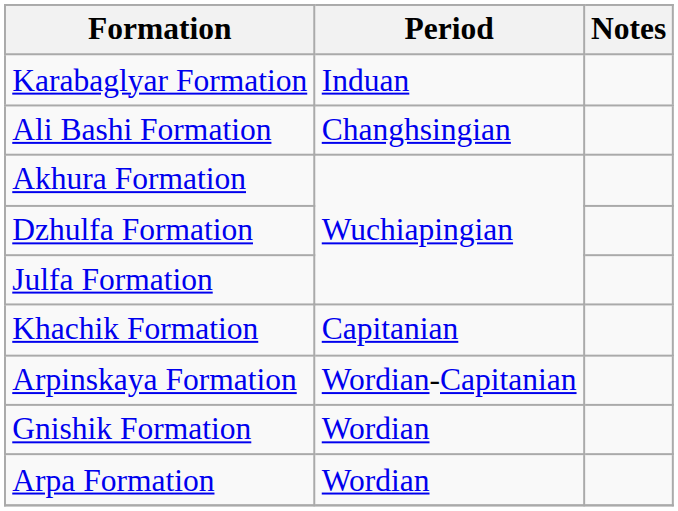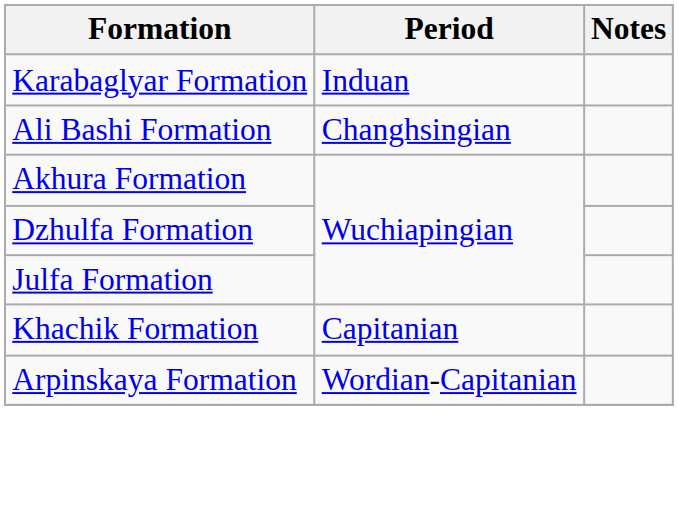 <table class="wikitable sortable">
 <tr>
 <th>Formation</th>
 <th>Period</th>
 <th class="unsortable">Notes</th>
 </tr>
 <tr>
 <td rowspan=2><a href='#'>Karabaglyar Formation</a></td>
 <td style="background-color: "><a href='#'>Induan</a></td>
 <td align=center rowspan=2></td>
 </tr>
 <tr>
 <td rowspan=3 style="background-color: "><a href='#'>Changhsingian</a></td>
 </tr>
 <tr>
 <td><a href='#'>Ali Bashi Formation</a></td>
 <td align=center></td>
 </tr>
 <tr>
 <td rowspan=2><a href='#'>Akhura Formation</a></td>
 <td align=center rowspan=2></td>
 </tr>
 <tr>
 <td rowspan=4 style="background-color: "><a href='#'>Wuchiapingian</a></td>
 </tr>
 <tr>
 <td><a href='#'>Dzhulfa Formation</a></td>
 <td align=center></td>
 </tr>
 <tr>
 <td><a href='#'>Julfa Formation</a></td>
 <td align=center></td>
 </tr>
 <tr>
 <td rowspan=2><a href='#'>Khachik Formation</a></td>
 <td align=center rowspan=2></td>
 </tr>
 <tr>
 <td style="background-color: "><a href='#'>Capitanian</a></td>
 </tr>
 <tr>
 <td><a href='#'>Arpinskaya Formation</a></td>
 <td style="background-color: "><a href='#'>Wordian</a>-<a href='#'>Capitanian</a></td>
 <td align=center></td>
 </tr>
 <tr>
-<td><a href='#'>Gnishik Formation</a></td>
-<td style="background-color: "><a href='#'>Wordian</a></td>
-<td align=center></td>
-</tr>
-<tr>
-<td><a href='#'>Arpa Formation</a></td>
-<td style="background-color: "><a href='#'>Wordian</a></td>
-<td align=center></td>
-</tr>
-<tr>
 </tr>
 </table>
